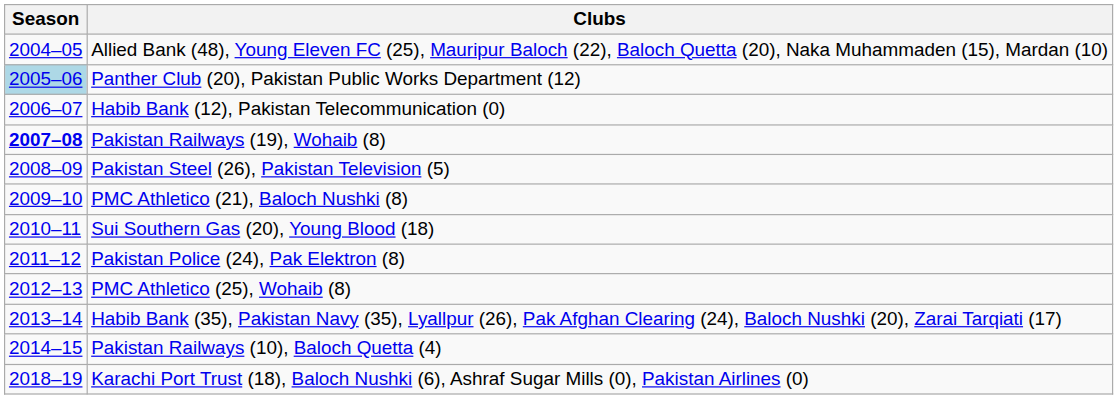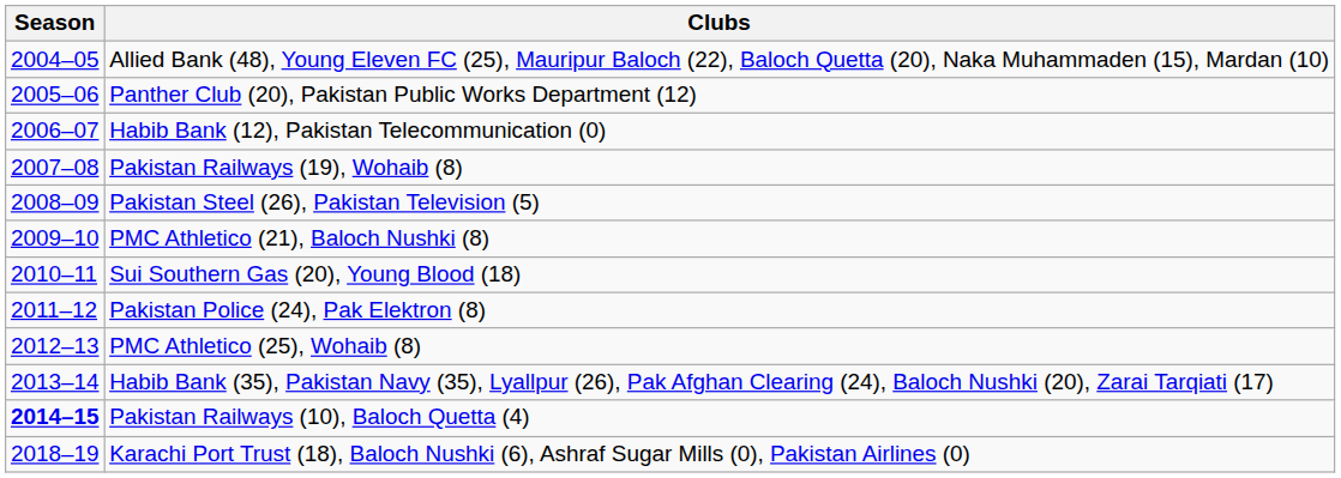 <table class="wikitable" style="text-align:left;">
 <tr>
 <th>Season</th>
 <th>Clubs</th>
 </tr>
 <tr>
 <td><a href='#'>2004–05</a></td>
 <td>Allied Bank (48), <a href='#'>Young Eleven FC</a> (25), <a href='#'>Mauripur Baloch</a> (22), <a href='#'>Baloch Quetta</a> (20), Naka Muhammaden (15), Mardan (10)</td>
 </tr>
 <tr>
-<td style="background: lightblue;"><a href='#'>2005–06</a></td>
+<td><a href='#'>2005–06</a></td>
 <td><a href='#'>Panther Club</a> (20), Pakistan Public Works Department (12)</td>
 </tr>
 <tr>
 <td><a href='#'>2006–07</a></td>
 <td><a href='#'>Habib Bank</a> (12), Pakistan Telecommunication (0)</td>
 </tr>
 <tr>
-<td><strong><a href='#'>2007–08</a></strong></td>
+<td><a href='#'>2007–08</a></td>
 <td><a href='#'>Pakistan Railways</a> (19), <a href='#'>Wohaib</a> (8)</td>
 </tr>
 <tr>
 <td><a href='#'>2008–09</a></td>
 <td><a href='#'>Pakistan Steel</a> (26), <a href='#'>Pakistan Television</a> (5)</td>
 </tr>
 <tr>
 <td><a href='#'>2009–10</a></td>
 <td><a href='#'>PMC Athletico</a> (21), <a href='#'>Baloch Nushki</a> (8)</td>
 </tr>
 <tr>
 <td><a href='#'>2010–11</a></td>
 <td><a href='#'>Sui Southern Gas</a> (20), <a href='#'>Young Blood</a> (18)</td>
 </tr>
 <tr>
 <td><a href='#'>2011–12</a></td>
 <td><a href='#'>Pakistan Police</a> (24), <a href='#'>Pak Elektron</a> (8)</td>
 </tr>
 <tr>
 <td><a href='#'>2012–13</a></td>
 <td><a href='#'>PMC Athletico</a> (25), <a href='#'>Wohaib</a> (8)</td>
 </tr>
 <tr>
 <td><a href='#'>2013–14</a></td>
 <td><a href='#'>Habib Bank</a> (35), <a href='#'>Pakistan Navy</a> (35), <a href='#'>Lyallpur</a> (26), <a href='#'>Pak Afghan Clearing</a> (24), <a href='#'>Baloch Nushki</a> (20), <a href='#'>Zarai Tarqiati</a> (17)</td>
 </tr>
 <tr>
-<td><a href='#'>2014–15</a></td>
+<td><strong><a href='#'>2014–15</a></strong></td>
 <td><a href='#'>Pakistan Railways</a> (10), <a href='#'>Baloch Quetta</a> (4)</td>
 </tr>
 <tr>
 <td><a href='#'>2018–19</a></td>
 <td><a href='#'>Karachi Port Trust</a> (18), <a href='#'>Baloch Nushki</a> (6), Ashraf Sugar Mills (0), <a href='#'>Pakistan Airlines</a> (0)</td>
 </tr>
 </table>
